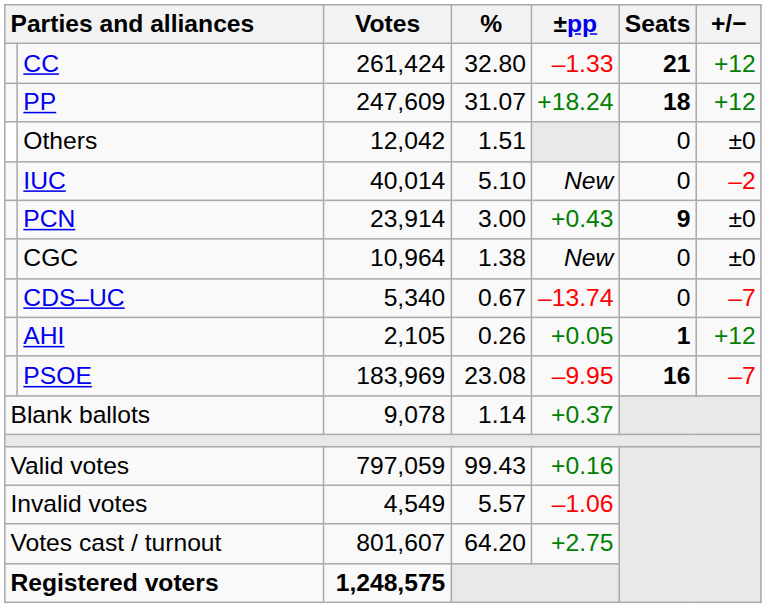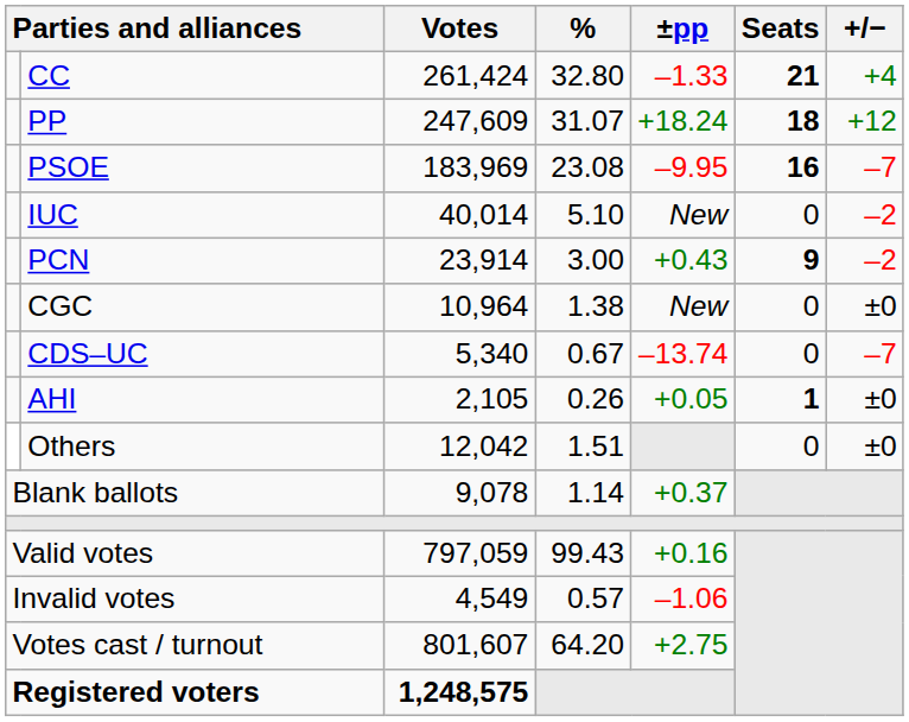 <table class="wikitable" style="text-align:right;">
 <tr>
 <th style="text-align:left;" colspan="2" width="200">Parties and alliances</th>
 <th width="75">Votes</th>
 <th width="45">%</th>
 <th width="45">±<a href='#'>pp</a></th>
 <th width="35">Seats</th>
 <th width="35">+/−</th>
 </tr>
 <tr>
 <td width="1" style="color:inherit;background:"></td>
 <td align="left"><a href='#'>CC</a></td>
 <td>261,424</td>
 <td>32.80</td>
 <td style="color:red;">–1.33</td>
 <td><strong>21</strong></td>
-<td style="color:green;">+12</td>
+<td style="color:green;">+4</td>
 </tr>
 <tr>
 <td style="color:inherit;background:"></td>
 <td align="left"><a href='#'>PP</a></td>
 <td>247,609</td>
 <td>31.07</td>
 <td style="color:green;">+18.24</td>
 <td><strong>18</strong></td>
 <td style="color:green;">+12</td>
 </tr>
 <tr>
-<td bgcolor="white"></td>
-<td align="left">Others</td>
-<td>12,042</td>
-<td>1.51</td>
-<td bgcolor="#E9E9E9"></td>
-<td>0</td>
-<td>±0</td>
+<td style="color:inherit;background:"></td>
+<td align="left"><a href='#'>PSOE</a></td>
+<td>183,969</td>
+<td>23.08</td>
+<td style="color:red;">–9.95</td>
+<td><strong>16</strong></td>
+<td style="color:red;">–7</td>
 </tr>
 <tr>
 <td style="color:inherit;background:"></td>
 <td align="left"><a href='#'>IUC</a></td>
 <td>40,014</td>
 <td>5.10</td>
 <td><em>New</em></td>
 <td>0</td>
 <td style="color:red;">–2</td>
 </tr>
 <tr>
 <td style="color:inherit;background:"></td>
 <td align="left"><a href='#'>PCN</a></td>
 <td>23,914</td>
 <td>3.00</td>
 <td style="color:green;">+0.43</td>
 <td><strong>9</strong></td>
-<td>±0</td>
+<td style="color:red;">–2</td>
 </tr>
 <tr>
 <td style="color:inherit;background:"></td>
 <td align="left">CGC</td>
 <td>10,964</td>
 <td>1.38</td>
 <td><em>New</em></td>
 <td>0</td>
 <td>±0</td>
 </tr>
 <tr>
 <td style="color:inherit;background:"></td>
 <td align="left"><a href='#'>CDS–UC</a></td>
 <td>5,340</td>
 <td>0.67</td>
 <td style="color:red;">–13.74</td>
 <td>0</td>
 <td style="color:red;">–7</td>
 </tr>
 <tr>
 <td style="color:inherit;background:"></td>
 <td align="left"><a href='#'>AHI</a></td>
 <td>2,105</td>
 <td>0.26</td>
 <td style="color:green;">+0.05</td>
 <td><strong>1</strong></td>
-<td style="color:green;">+12</td>
+<td>±0</td>
 </tr>
 <tr>
-<td style="color:inherit;background:"></td>
-<td align="left"><a href='#'>PSOE</a></td>
-<td>183,969</td>
-<td>23.08</td>
-<td style="color:red;">–9.95</td>
-<td><strong>16</strong></td>
-<td style="color:red;">–7</td>
+<td bgcolor="white"></td>
+<td align="left">Others</td>
+<td>12,042</td>
+<td>1.51</td>
+<td bgcolor="#E9E9E9"></td>
+<td>0</td>
+<td>±0</td>
 </tr>
 <tr>
 <td align="left" colspan="2">Blank ballots</td>
 <td>9,078</td>
 <td>1.14</td>
 <td style="color:green;">+0.37</td>
 <td bgcolor="#E9E9E9" colspan="2"></td>
 </tr>
 <tr>
 <td colspan="7" bgcolor="#E9E9E9"></td>
 </tr>
 <tr>
 <td align="left" colspan="2">Valid votes</td>
 <td>797,059</td>
 <td>99.43</td>
 <td style="color:green;">+0.16</td>
 <td bgcolor="#E9E9E9" colspan="2" rowspan="4"></td>
 </tr>
 <tr>
 <td align="left" colspan="2">Invalid votes</td>
 <td>4,549</td>
-<td>5.57</td>
+<td>0.57</td>
 <td style="color:red;">–1.06</td>
 </tr>
 <tr>
 <td align="left" colspan="2">Votes cast / turnout</td>
 <td>801,607</td>
 <td>64.20</td>
 <td style="color:green;">+2.75</td>
 </tr>
 <tr style="font-weight:bold;">
 <td align="left" colspan="2">Registered voters</td>
 <td>1,248,575</td>
 <td bgcolor="#E9E9E9" colspan="2"></td>
 </tr>
 </table>
